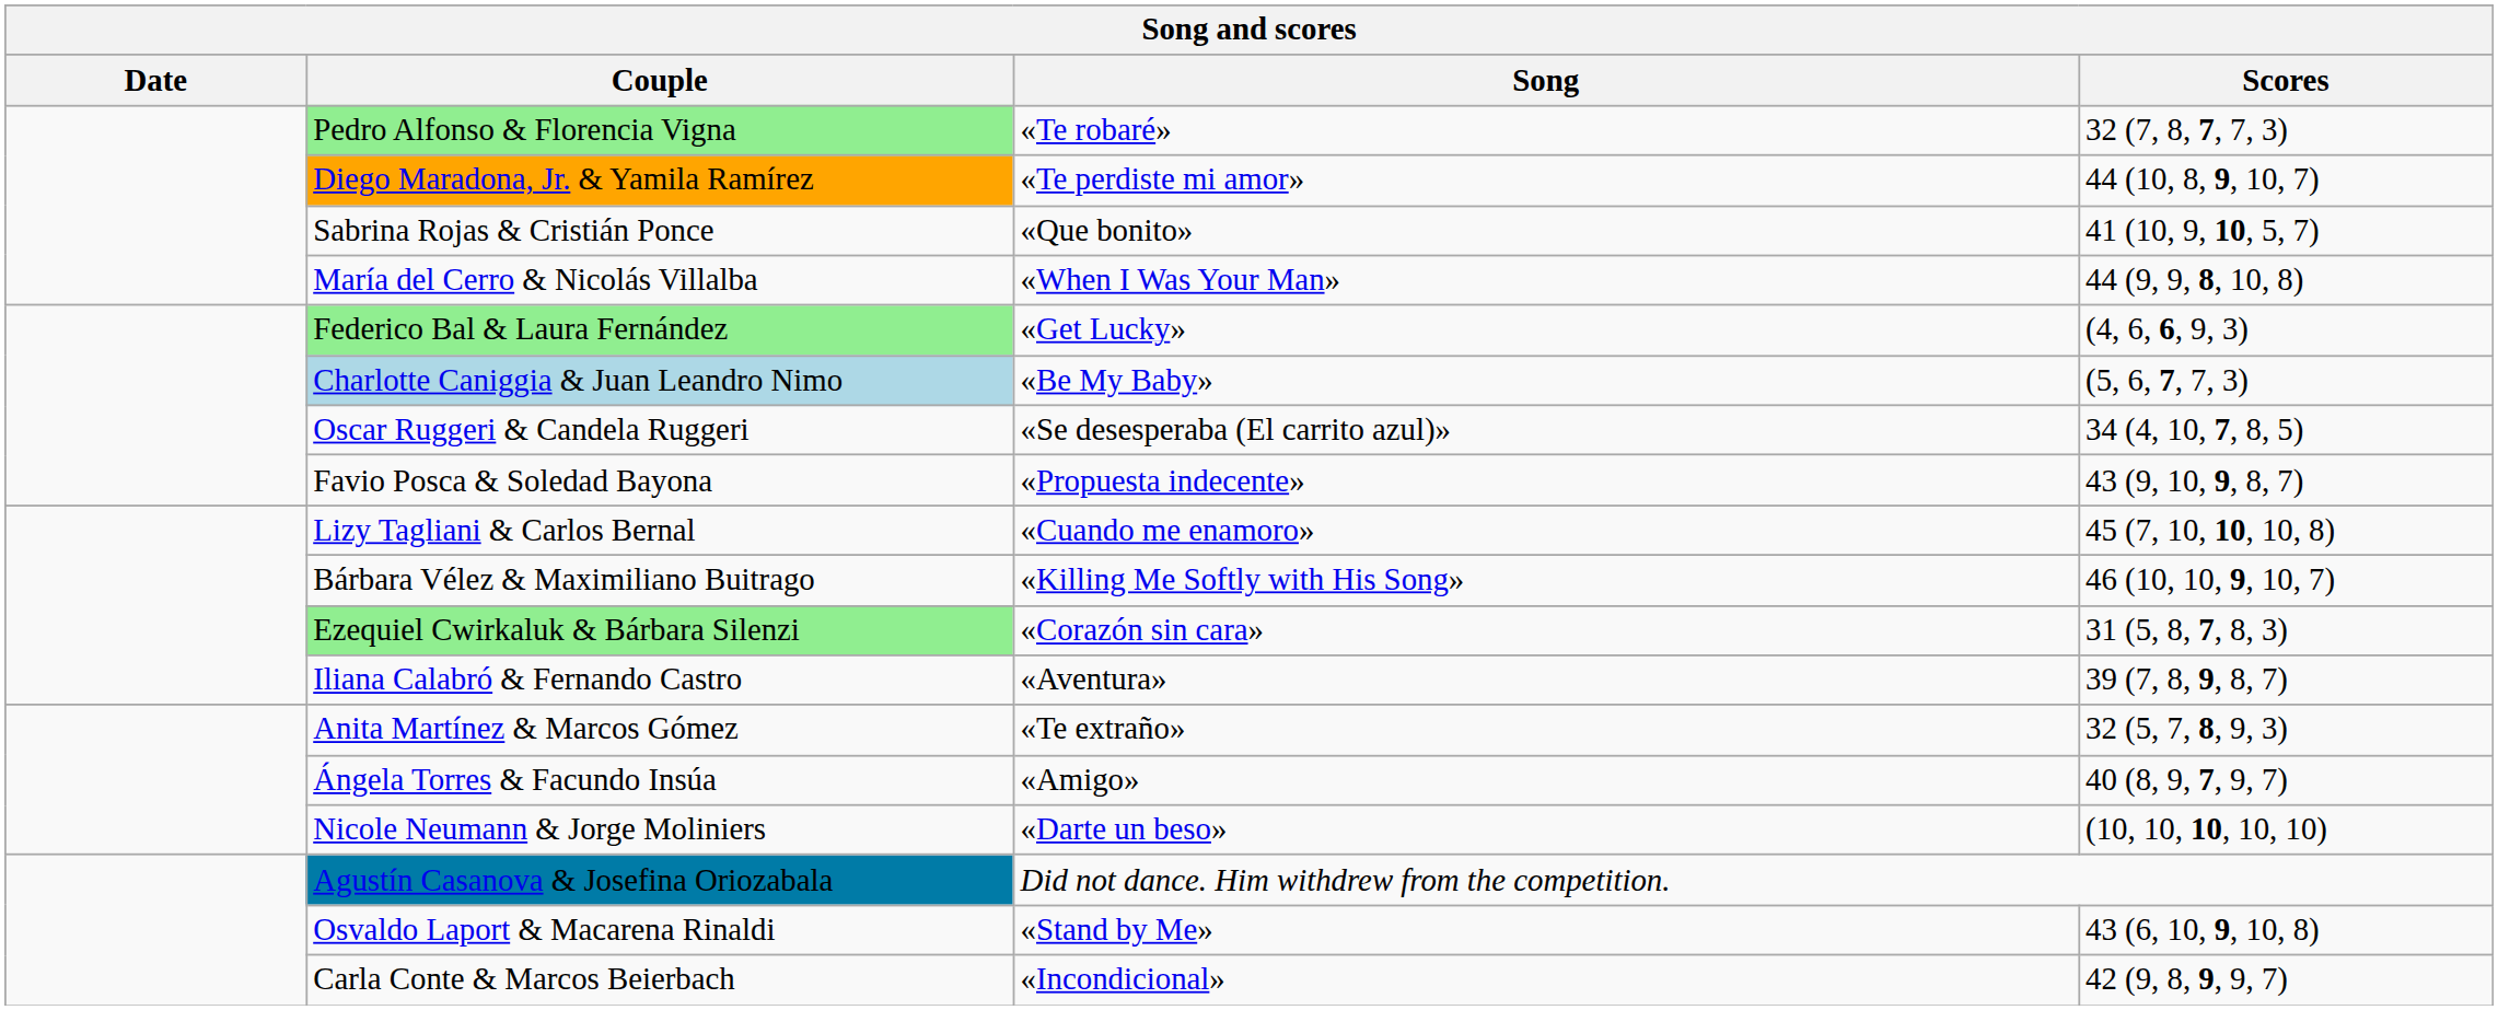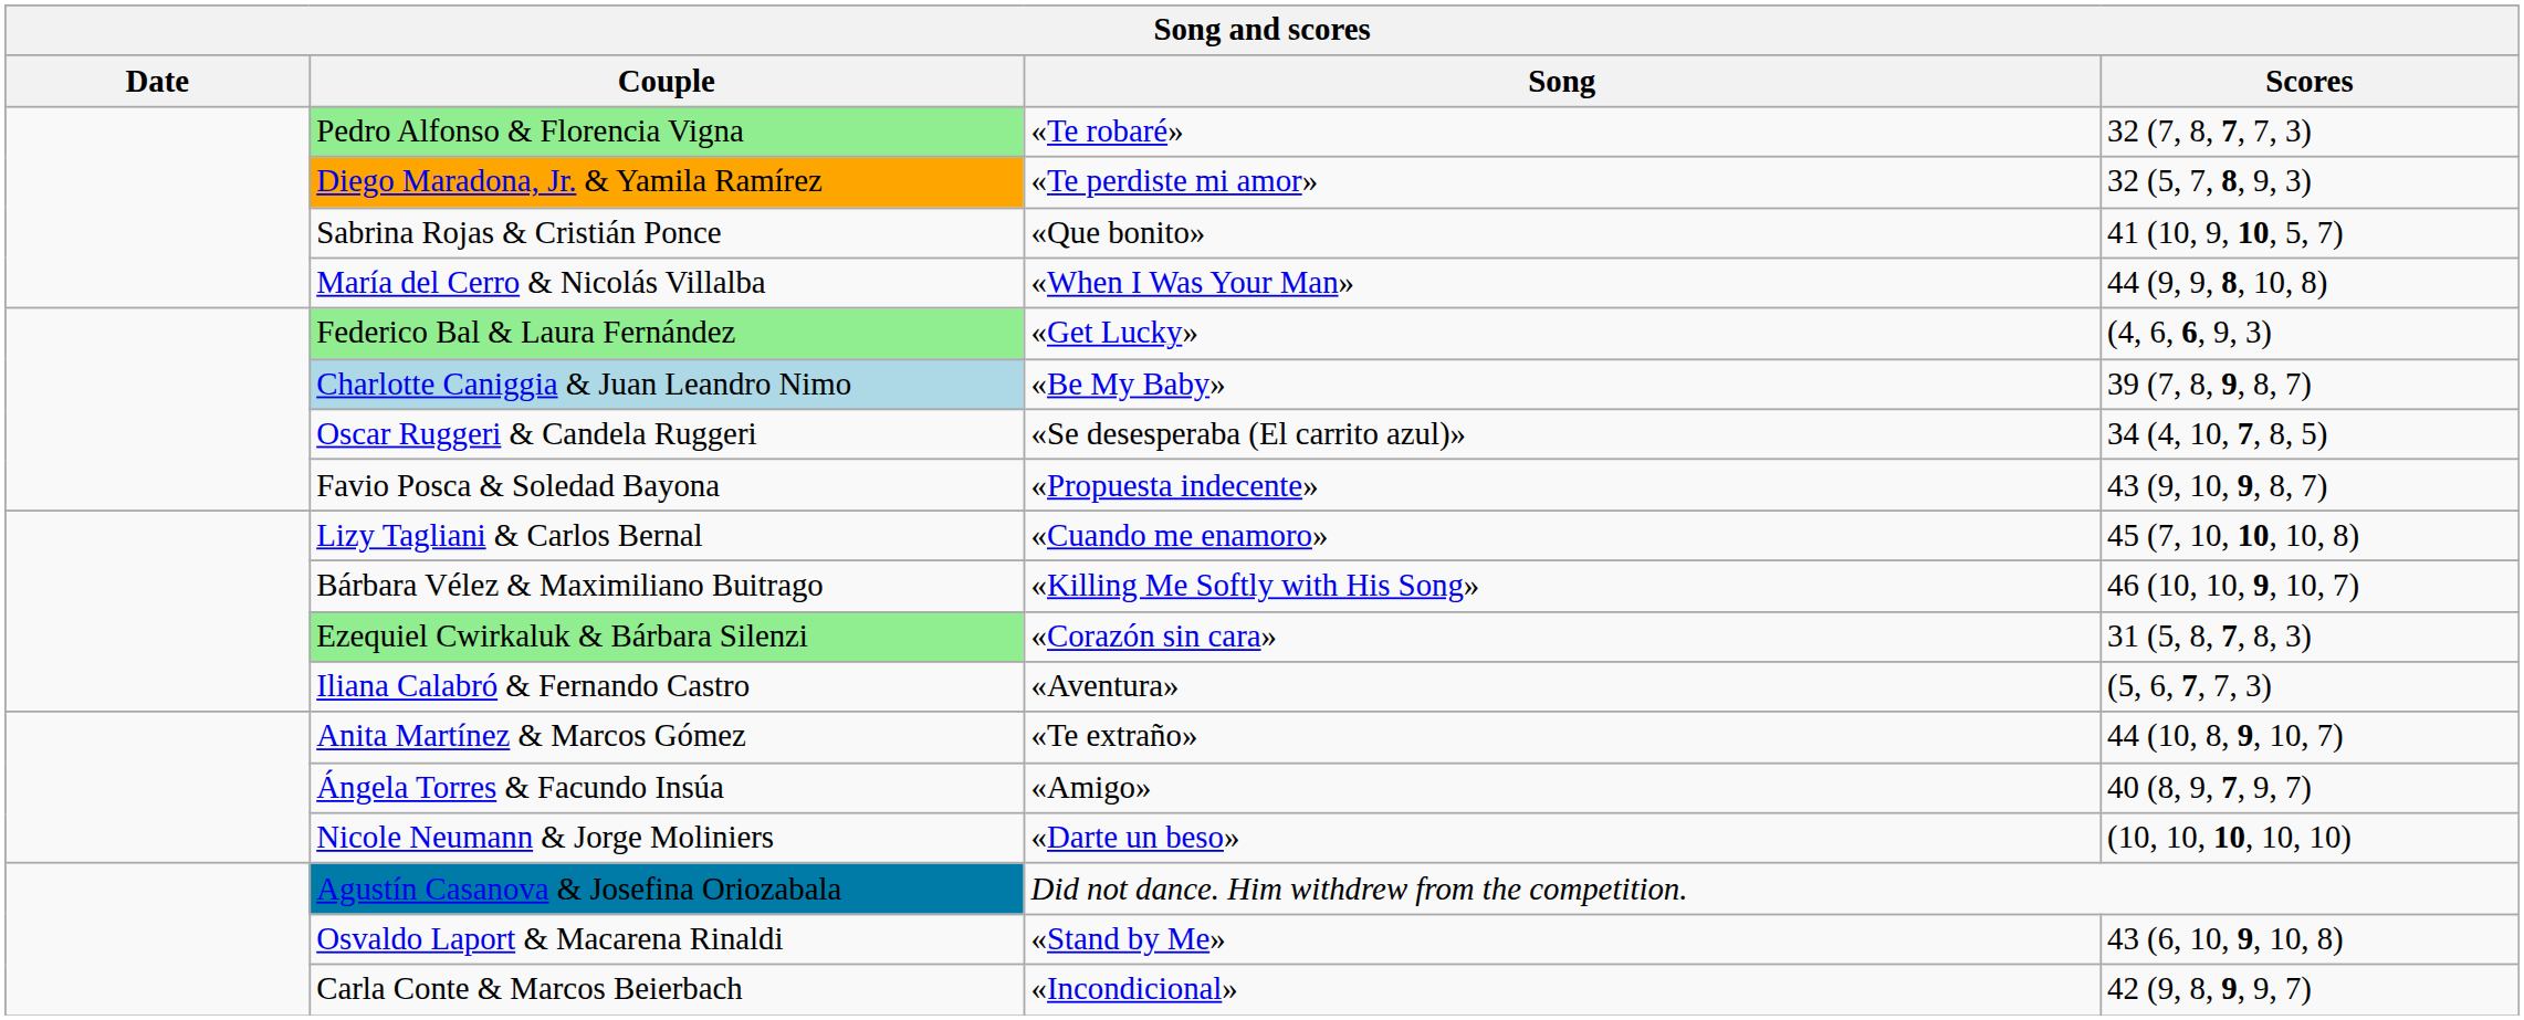 <table class="wikitable collapsible collapsed" style=" text-align: align; width: 100%;">
 <tr>
 <th colspan="11" style="with: 100%;" align="center">Song and scores</th>
 </tr>
 <tr>
 <th width=85>Date</th>
 <th width=210>Couple</th>
 <th width=320>Song</th>
 <th width=120>Scores</th>
 </tr>
 <tr>
 <td rowspan="4"></td>
 <td bgcolor="lightgreen">Pedro Alfonso & Florencia Vigna</td>
 <td>«<a href='#'>Te robaré</a>» </td>
 <td>32 (7, 8, <strong>7</strong>, 7, 3)</td>
 </tr>
 <tr>
 <td bgcolor="orange"><a href='#'>Diego Maradona, Jr.</a> & Yamila Ramírez</td>
 <td>«<a href='#'>Te perdiste mi amor</a>» </td>
-<td>44 (10, 8, <strong>9</strong>, 10, 7)</td>
+<td>32 (5, 7, <strong>8</strong>, 9, 3)</td>
 </tr>
 <tr>
 <td bgcolor="">Sabrina Rojas & Cristián Ponce</td>
 <td>«Que bonito» </td>
 <td>41 (10, 9, <strong>10</strong>, 5, 7)</td>
 </tr>
 <tr>
 <td bgcolor=""><a href='#'>María del Cerro</a> & Nicolás Villalba</td>
 <td>«<a href='#'>When I Was Your Man</a>» </td>
 <td>44 (9, 9, <strong>8</strong>, 10, 8)</td>
 </tr>
 <tr>
 <td rowspan="4"></td>
 <td bgcolor="lightgreen">Federico Bal & Laura Fernández</td>
 <td>«<a href='#'>Get Lucky</a>» </td>
 <td> (4, 6, <strong>6</strong>, 9, 3)</td>
 </tr>
 <tr>
 <td bgcolor="lightblue"><a href='#'>Charlotte Caniggia</a> & Juan Leandro Nimo</td>
 <td>«<a href='#'>Be My Baby</a>» </td>
-<td> (5, 6, <strong>7</strong>, 7, 3)</td>
+<td>39 (7, 8, <strong>9</strong>, 8, 7)</td>
 </tr>
 <tr>
 <td bgcolor=""><a href='#'>Oscar Ruggeri</a> & Candela Ruggeri</td>
 <td>«Se desesperaba (El carrito azul)» </td>
 <td>34 (4, 10, <strong>7</strong>, 8, 5)</td>
 </tr>
 <tr>
 <td bgcolor="">Favio Posca & Soledad Bayona</td>
 <td>«<a href='#'>Propuesta indecente</a>» </td>
 <td>43 (9, 10, <strong>9</strong>, 8, 7)</td>
 </tr>
 <tr>
 <td rowspan="4"></td>
 <td bgcolor=""><a href='#'>Lizy Tagliani</a> & Carlos Bernal</td>
 <td>«<a href='#'>Cuando me enamoro</a>» </td>
 <td>45 (7, 10, <strong>10</strong>, 10, 8)</td>
 </tr>
 <tr>
 <td bgcolor="">Bárbara Vélez & Maximiliano Buitrago</td>
 <td>«<a href='#'>Killing Me Softly with His Song</a>» </td>
 <td>46 (10, 10, <strong>9</strong>, 10, 7)</td>
 </tr>
 <tr>
 <td bgcolor="lightgreen">Ezequiel Cwirkaluk & Bárbara Silenzi</td>
 <td>«<a href='#'>Corazón sin cara</a>» </td>
 <td>31 (5, 8, <strong>7</strong>, 8, 3)</td>
 </tr>
 <tr>
 <td bgcolor=""><a href='#'>Iliana Calabró</a> & Fernando Castro</td>
 <td>«Aventura» </td>
-<td>39 (7, 8, <strong>9</strong>, 8, 7)</td>
+<td> (5, 6, <strong>7</strong>, 7, 3)</td>
 </tr>
 <tr>
 <td rowspan="3"></td>
 <td bgcolor=""><a href='#'>Anita Martínez</a> & Marcos Gómez</td>
 <td>«Te extraño» </td>
-<td>32 (5, 7, <strong>8</strong>, 9, 3)</td>
+<td>44 (10, 8, <strong>9</strong>, 10, 7)</td>
 </tr>
 <tr>
 <td bgcolor=""><a href='#'>Ángela Torres</a> & Facundo Insúa</td>
 <td>«Amigo» </td>
 <td>40 (8, 9, <strong>7</strong>, 9, 7)</td>
 </tr>
 <tr>
 <td bgcolor=""><a href='#'>Nicole Neumann</a> & Jorge Moliniers</td>
 <td>«<a href='#'>Darte un beso</a>» </td>
 <td> (10, 10, <strong>10</strong>, 10, 10)</td>
 </tr>
 <tr>
 <td rowspan="3"></td>
 <td bgcolor="#007BA7"><a href='#'>Agustín Casanova</a> & Josefina Oriozabala</td>
 <td colspan="2"><em>Did not dance. Him withdrew from the competition.</em></td>
 </tr>
 <tr>
 <td bgcolor=""><a href='#'>Osvaldo Laport</a> & Macarena Rinaldi</td>
 <td>«<a href='#'>Stand by Me</a>» </td>
 <td>43 (6, 10, <strong>9</strong>, 10, 8)</td>
 </tr>
 <tr>
 <td bgcolor="">Carla Conte & Marcos Beierbach</td>
 <td>«<a href='#'>Incondicional</a>» </td>
 <td>42 (9, 8, <strong>9</strong>, 9, 7)</td>
 </tr>
 </table>
